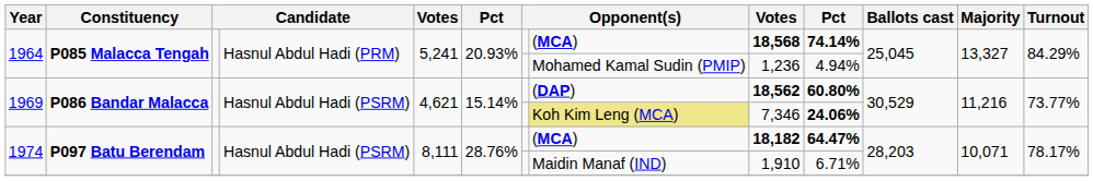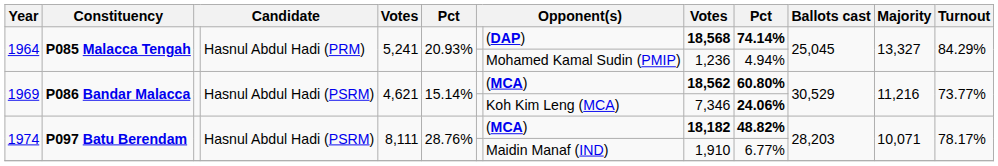 <table class="wikitable" style="margin:0.5em ; font-size:95%">
 <tr>
 <th>Year</th>
 <th>Constituency</th>
 <th colspan=2>Candidate</th>
 <th>Votes</th>
 <th>Pct</th>
 <th colspan=2>Opponent(s)</th>
 <th>Votes</th>
 <th>Pct</th>
 <th>Ballots cast</th>
 <th>Majority</th>
 <th>Turnout</th>
 </tr>
 <tr>
 <td rowspan=2><a href='#'>1964</a></td>
 <td rowspan=2><strong>P085 <a href='#'>Malacca Tengah</a></strong></td>
 <td rowspan=2 bgcolor=></td>
 <td rowspan=2>Hasnul Abdul Hadi (<a href='#'>PRM</a>)</td>
 <td rowspan=2 align=right>5,241</td>
 <td rowspan=2>20.93%</td>
 <td></td>
-<td><strong></strong> (<a href='#'><strong>MCA</strong></a>)</td>
+<td><strong></strong> (<a href='#'><strong>DAP</strong></a>)</td>
 <td align=right><strong>18,568</strong></td>
 <td><strong>74.14%</strong></td>
 <td rowspan=2>25,045</td>
 <td rowspan=2>13,327</td>
 <td rowspan=2>84.29%</td>
 </tr>
 <tr>
 <td></td>
 <td>Mohamed Kamal Sudin (<a href='#'>PMIP</a>)</td>
 <td align="right">1,236</td>
 <td align=right>4.94%</td>
 </tr>
 <tr>
 <td rowspan=2><a href='#'>1969</a></td>
 <td rowspan=2><strong>P086 <a href='#'>Bandar Malacca</a></strong></td>
 <td rowspan=2 bgcolor=></td>
 <td rowspan=2>Hasnul Abdul Hadi (<a href='#'>PSRM</a>)</td>
 <td rowspan=2 align=right>4,621</td>
 <td rowspan=2>15.14%</td>
 <td></td>
-<td><strong></strong> (<a href='#'><strong>DAP</strong></a>)</td>
+<td><strong></strong> (<a href='#'><strong>MCA</strong></a>)</td>
 <td align=right><strong>18,562</strong></td>
 <td><strong>60.80%</strong></td>
 <td rowspan=2>30,529</td>
 <td rowspan=2>11,216</td>
 <td rowspan=2>73.77%</td>
 </tr>
 <tr>
 <td></td>
-<td style="background: khaki;">Koh Kim Leng (<a href='#'>MCA</a>)</td>
+<td>Koh Kim Leng (<a href='#'>MCA</a>)</td>
 <td align="right">7,346</td>
 <td align=right><strong>24.06%</strong></td>
 </tr>
 <tr>
 <td rowspan=2><a href='#'>1974</a></td>
 <td rowspan=2><strong>P097 <a href='#'>Batu Berendam</a></strong></td>
 <td rowspan=2 bgcolor=></td>
 <td rowspan=2>Hasnul Abdul Hadi (<a href='#'>PSRM</a>)</td>
 <td rowspan=2 align=right>8,111</td>
 <td rowspan=2>28.76%</td>
 <td></td>
 <td><strong></strong> (<a href='#'><strong>MCA</strong></a>)</td>
 <td align=right><strong>18,182</strong></td>
-<td><strong>64.47%</strong></td>
+<td><strong>48.82%</strong></td>
 <td rowspan=2>28,203</td>
 <td rowspan=2>10,071</td>
 <td rowspan=2>78.17%</td>
 </tr>
 <tr>
 <td></td>
 <td>Maidin Manaf (<a href='#'>IND</a>)</td>
 <td align="right">1,910</td>
-<td align=right>6.71%</td>
+<td align=right>6.77%</td>
 </tr>
 <tr>
 </tr>
 </table>
